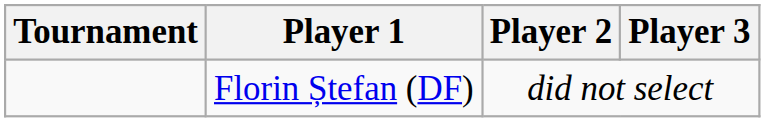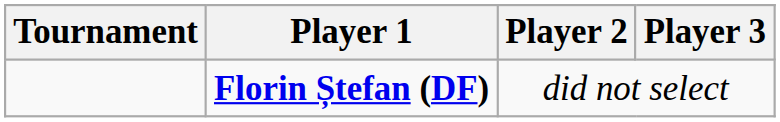 <table class="wikitable">
 <tr>
 <th>Tournament</th>
 <th>Player 1</th>
 <th>Player 2</th>
 <th>Player 3</th>
 </tr>
 <tr>
 <td></td>
-<td><a href='#'>Florin Ștefan</a> (<a href='#'>DF</a>)</td>
+<td><strong><a href='#'>Florin Ștefan</a> (<a href='#'>DF</a>)</strong></td>
 <td colspan=2 align="center"><em>did not select</em></td>
 </tr>
 </table>
